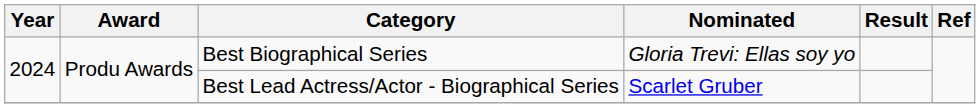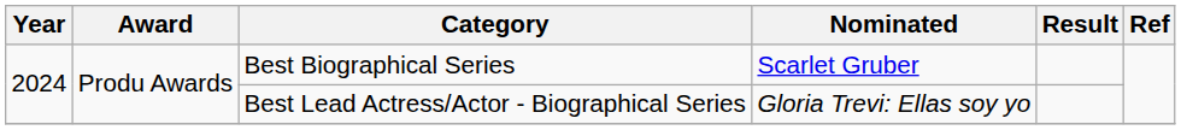 <table class="wikitable plainrowheaders">
 <tr>
 <th scope="col">Year</th>
 <th scope="col">Award</th>
 <th scope="col">Category</th>
 <th scope="col">Nominated</th>
 <th scope="col">Result</th>
 <th scope="col">Ref</th>
 </tr>
 <tr>
 <td rowspan="2">2024</td>
 <td rowspan="2">Produ Awards</td>
 <td>Best Biographical Series</td>
-<td><em>Gloria Trevi: Ellas soy yo</em></td>
+<td><a href='#'>Scarlet Gruber</a></td>
 <td></td>
 <td align="center" rowspan="2"></td>
 </tr>
 <tr>
 <td>Best Lead Actress/Actor - Biographical Series</td>
-<td><a href='#'>Scarlet Gruber</a></td>
+<td><em>Gloria Trevi: Ellas soy yo</em></td>
 <td></td>
 </tr>
 <tr>
 </tr>
 </table>
